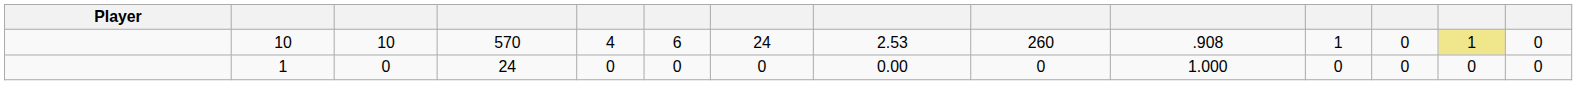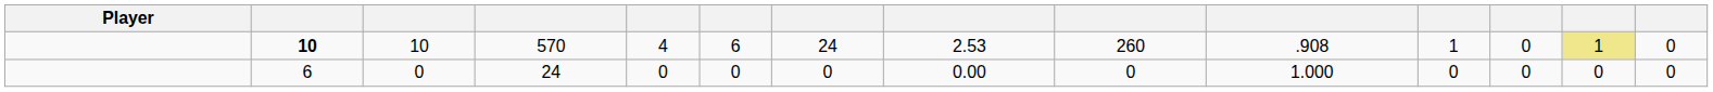 <table class="wikitable sortable" style="width:100%;">
 <tr style="text-align:center; background:#ddd;">
 <th>Player</th>
 <th></th>
 <th></th>
 <th></th>
 <th></th>
 <th></th>
 <th></th>
 <th></th>
 <th></th>
 <th></th>
 <th></th>
 <th></th>
 <th></th>
 <th></th>
 </tr>
 <tr align=center>
 <td></td>
-<td>10</td>
+<td><strong>10</strong></td>
 <td>10</td>
 <td>570</td>
 <td>4</td>
 <td>6</td>
 <td>24</td>
 <td>2.53</td>
 <td>260</td>
 <td>.908</td>
 <td>1</td>
 <td>0</td>
 <td style="background: khaki;">1</td>
 <td>0</td>
 </tr>
 <tr align=center>
 <td></td>
-<td>1</td>
+<td>6</td>
 <td>0</td>
 <td>24</td>
 <td>0</td>
 <td>0</td>
 <td>0</td>
 <td>0.00</td>
 <td>0</td>
 <td>1.000</td>
 <td>0</td>
 <td>0</td>
 <td>0</td>
 <td>0</td>
 </tr>
 </table>
